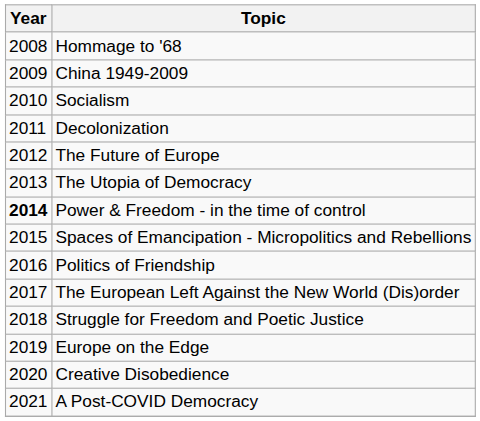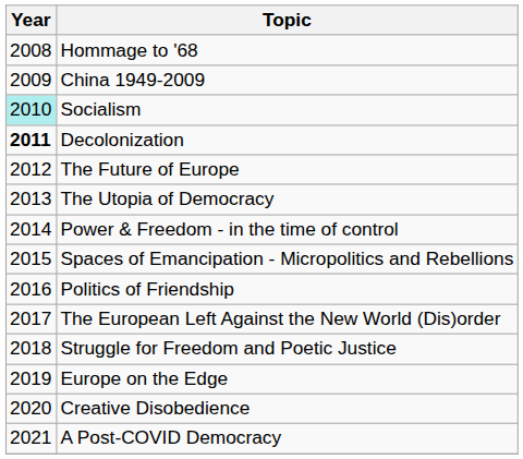 <table class="wikitable" style="float: right;">
 <tr>
 <th>Year</th>
 <th>Topic</th>
 </tr>
 <tr>
 <td>2008</td>
 <td>Hommage to '68</td>
 </tr>
 <tr>
 <td>2009</td>
 <td>China 1949-2009</td>
 </tr>
 <tr>
-<td>2010</td>
+<td style="background: paleturquoise;">2010</td>
 <td>Socialism</td>
 </tr>
 <tr>
-<td>2011</td>
+<td><strong>2011</strong></td>
 <td>Decolonization</td>
 </tr>
 <tr>
 <td>2012</td>
 <td>The Future of Europe</td>
 </tr>
 <tr>
 <td>2013</td>
 <td>The Utopia of Democracy</td>
 </tr>
 <tr>
-<td><strong>2014</strong></td>
+<td>2014</td>
 <td>Power & Freedom - in the time of control</td>
 </tr>
 <tr>
 <td>2015</td>
 <td>Spaces of Emancipation - Micropolitics and Rebellions</td>
 </tr>
 <tr>
 <td>2016</td>
 <td>Politics of Friendship</td>
 </tr>
 <tr>
 <td>2017</td>
 <td>The European Left Against the New World (Dis)order</td>
 </tr>
 <tr>
 <td>2018</td>
 <td>Struggle for Freedom and Poetic Justice</td>
 </tr>
 <tr>
 <td>2019</td>
 <td>Europe on the Edge</td>
 </tr>
 <tr>
 <td>2020</td>
 <td>Creative Disobedience</td>
 </tr>
 <tr>
 <td>2021</td>
 <td>A Post-COVID Democracy</td>
 </tr>
 <tr>
 </tr>
 </table>
